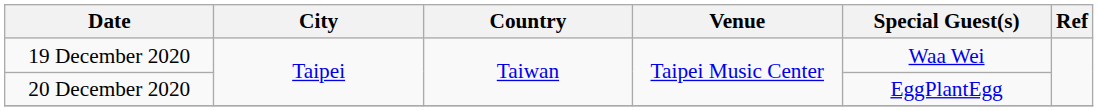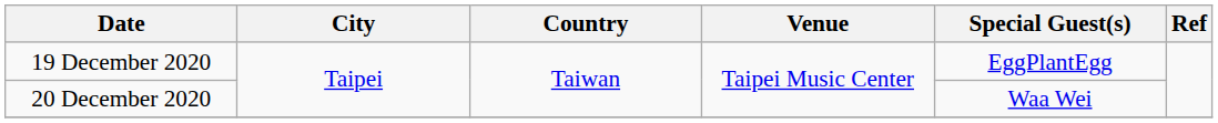 <table class="wikitable" style="text-align:center;">
 <tr>
 <th width="150px">Date</th>
 <th width="150px">City</th>
 <th width="150px">Country</th>
 <th width="150px">Venue</th>
 <th width="150px">Special Guest(s)</th>
 <th>Ref</th>
 </tr>
 <tr>
 <td>19 December 2020</td>
 <td rowspan="2"><a href='#'>Taipei</a></td>
 <td rowspan="2"><a href='#'>Taiwan</a></td>
 <td rowspan="2"><a href='#'>Taipei Music Center</a></td>
-<td><a href='#'>Waa Wei</a></td>
+<td><a href='#'>EggPlantEgg</a></td>
 <td rowspan="2"></td>
 </tr>
 <tr>
 <td>20 December 2020</td>
-<td><a href='#'>EggPlantEgg</a></td>
+<td><a href='#'>Waa Wei</a></td>
 </tr>
 <tr>
 </tr>
 </table>
